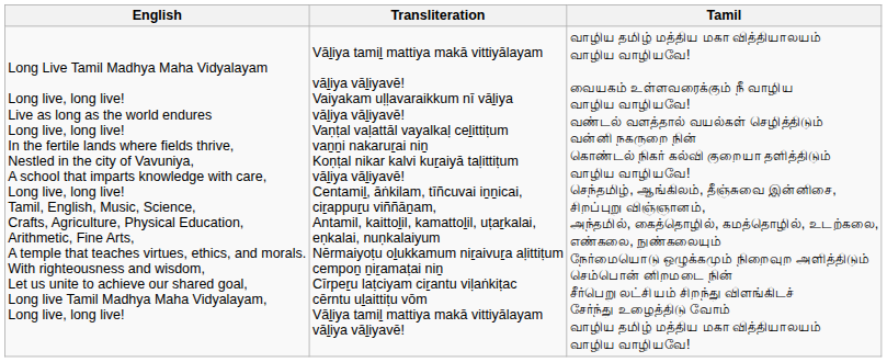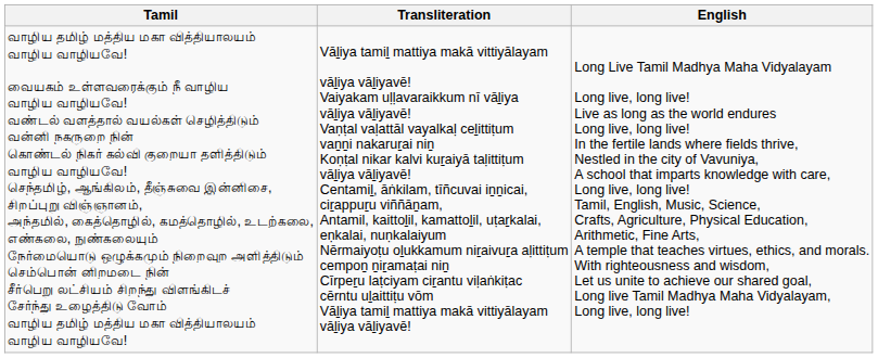 <table class="wikitable">
 <tr>
+<th>Tamil</th>
+<th>Transliteration</th>
 <th>English</th>
-<th>Transliteration</th>
-<th>Tamil</th>
 </tr>
 <tr>
+<td>வாழிய தமிழ் மத்திய மகா வித்தியாலயம்<br>வாழிய வாழியவே!<br><br>வையகம் உள்ளவரைக்கும் நீ வாழிய<br> வாழிய வாழியவே!<br> வண்டல் வளத்தால் வயல்கள் செழித்திடும்<br> வன்னி நகருறை நின் <br> கொண்டல் நிகர் கல்வி குறையா தளித்திடும்<br> வாழிய வாழியவே!<br> செந்தமிழ், ஆங்கிலம், தீஞ்சுவை இன்னிசை,<br> சிறப்புறு விஞ்ஞானம்,<br> அந்தமில், கைத்தொழில், கமத்தொழில், உடற்கலை, <br> எண்கலை, நுண்கலையும்<br> நேர்மையொடு ஒழுக்கமும் நிறைவுற அளித்திடும்<br> செம்பொன் னிறமடை நின் <br> சீர்பெறு லட்சியம் சிறந்து விளங்கிடச் <br> சேர்ந்து உழைத்திடு வோம்    <br> வாழிய தமிழ் மத்திய மகா வித்தியாலயம் <br> வாழிய வாழியவே!<br></td>
+<td>Vāḻiya tamiḻ mattiya makā vittiyālayam<br><br>vāḻiya vāḻiyavē!<br> Vaiyakam uḷḷavaraikkum nī vāḻiya<br> vāḻiya vāḻiyavē!<br> Vaṇṭal vaḷattāl vayalkaḷ ceḻittiṭum<br> vaṉṉi nakaruṟai niṉ<br> Koṇṭal nikar kalvi kuṟaiyā taḷittiṭum<br> vāḻiya vāḻiyavē!<br> Centamiḻ, āṅkilam, tīñcuvai iṉṉicai,<br> ciṟappuṟu viññāṉam,<br> Antamil, kaittoḻil, kamattoḻil, uṭaṟkalai,<br> eṇkalai, nuṇkalaiyum<br> Nērmaiyoṭu oḻukkamum niṟaivuṟa aḷittiṭum<br> cempoṉ ṉiṟamaṭai niṉ<br> Cīrpeṟu laṭciyam ciṟantu viḷaṅkiṭac<br> cērntu uḻaittiṭu vōm<br> Vāḻiya tamiḻ mattiya makā vittiyālayam<br> vāḻiya vāḻiyavē!<br></td>
 <td>Long Live Tamil Madhya Maha Vidyalayam<br><br>Long live, long live!<br> Live as long as the world endures<br> Long live, long live!<br> In the fertile lands where fields thrive,<br> Nestled in the city of Vavuniya,<br> A school that imparts knowledge with care,<br> Long live, long live!<br> Tamil, English, Music, Science,<br> Crafts, Agriculture, Physical Education,<br> Arithmetic, Fine Arts,<br> A temple that teaches virtues, ethics, and morals.<br> With righteousness and wisdom,<br> Let us unite to achieve our shared goal,<br> Long live Tamil Madhya Maha Vidyalayam,<br> Long live, long live!<br></td>
-<td>Vāḻiya tamiḻ mattiya makā vittiyālayam<br><br>vāḻiya vāḻiyavē!<br> Vaiyakam uḷḷavaraikkum nī vāḻiya<br> vāḻiya vāḻiyavē!<br> Vaṇṭal vaḷattāl vayalkaḷ ceḻittiṭum<br> vaṉṉi nakaruṟai niṉ<br> Koṇṭal nikar kalvi kuṟaiyā taḷittiṭum<br> vāḻiya vāḻiyavē!<br> Centamiḻ, āṅkilam, tīñcuvai iṉṉicai,<br> ciṟappuṟu viññāṉam,<br> Antamil, kaittoḻil, kamattoḻil, uṭaṟkalai,<br> eṇkalai, nuṇkalaiyum<br> Nērmaiyoṭu oḻukkamum niṟaivuṟa aḷittiṭum<br> cempoṉ ṉiṟamaṭai niṉ<br> Cīrpeṟu laṭciyam ciṟantu viḷaṅkiṭac<br> cērntu uḻaittiṭu vōm<br> Vāḻiya tamiḻ mattiya makā vittiyālayam<br> vāḻiya vāḻiyavē!<br></td>
-<td>வாழிய தமிழ் மத்திய மகா வித்தியாலயம்<br>வாழிய வாழியவே!<br><br>வையகம் உள்ளவரைக்கும் நீ வாழிய<br> வாழிய வாழியவே!<br> வண்டல் வளத்தால் வயல்கள் செழித்திடும்<br> வன்னி நகருறை நின் <br> கொண்டல் நிகர் கல்வி குறையா தளித்திடும்<br> வாழிய வாழியவே!<br> செந்தமிழ், ஆங்கிலம், தீஞ்சுவை இன்னிசை,<br> சிறப்புறு விஞ்ஞானம்,<br> அந்தமில், கைத்தொழில், கமத்தொழில், உடற்கலை, <br> எண்கலை, நுண்கலையும்<br> நேர்மையொடு ஒழுக்கமும் நிறைவுற அளித்திடும்<br> செம்பொன் னிறமடை நின் <br> சீர்பெறு லட்சியம் சிறந்து விளங்கிடச் <br> சேர்ந்து உழைத்திடு வோம்    <br> வாழிய தமிழ் மத்திய மகா வித்தியாலயம் <br> வாழிய வாழியவே!<br></td>
 </tr>
 </table>
